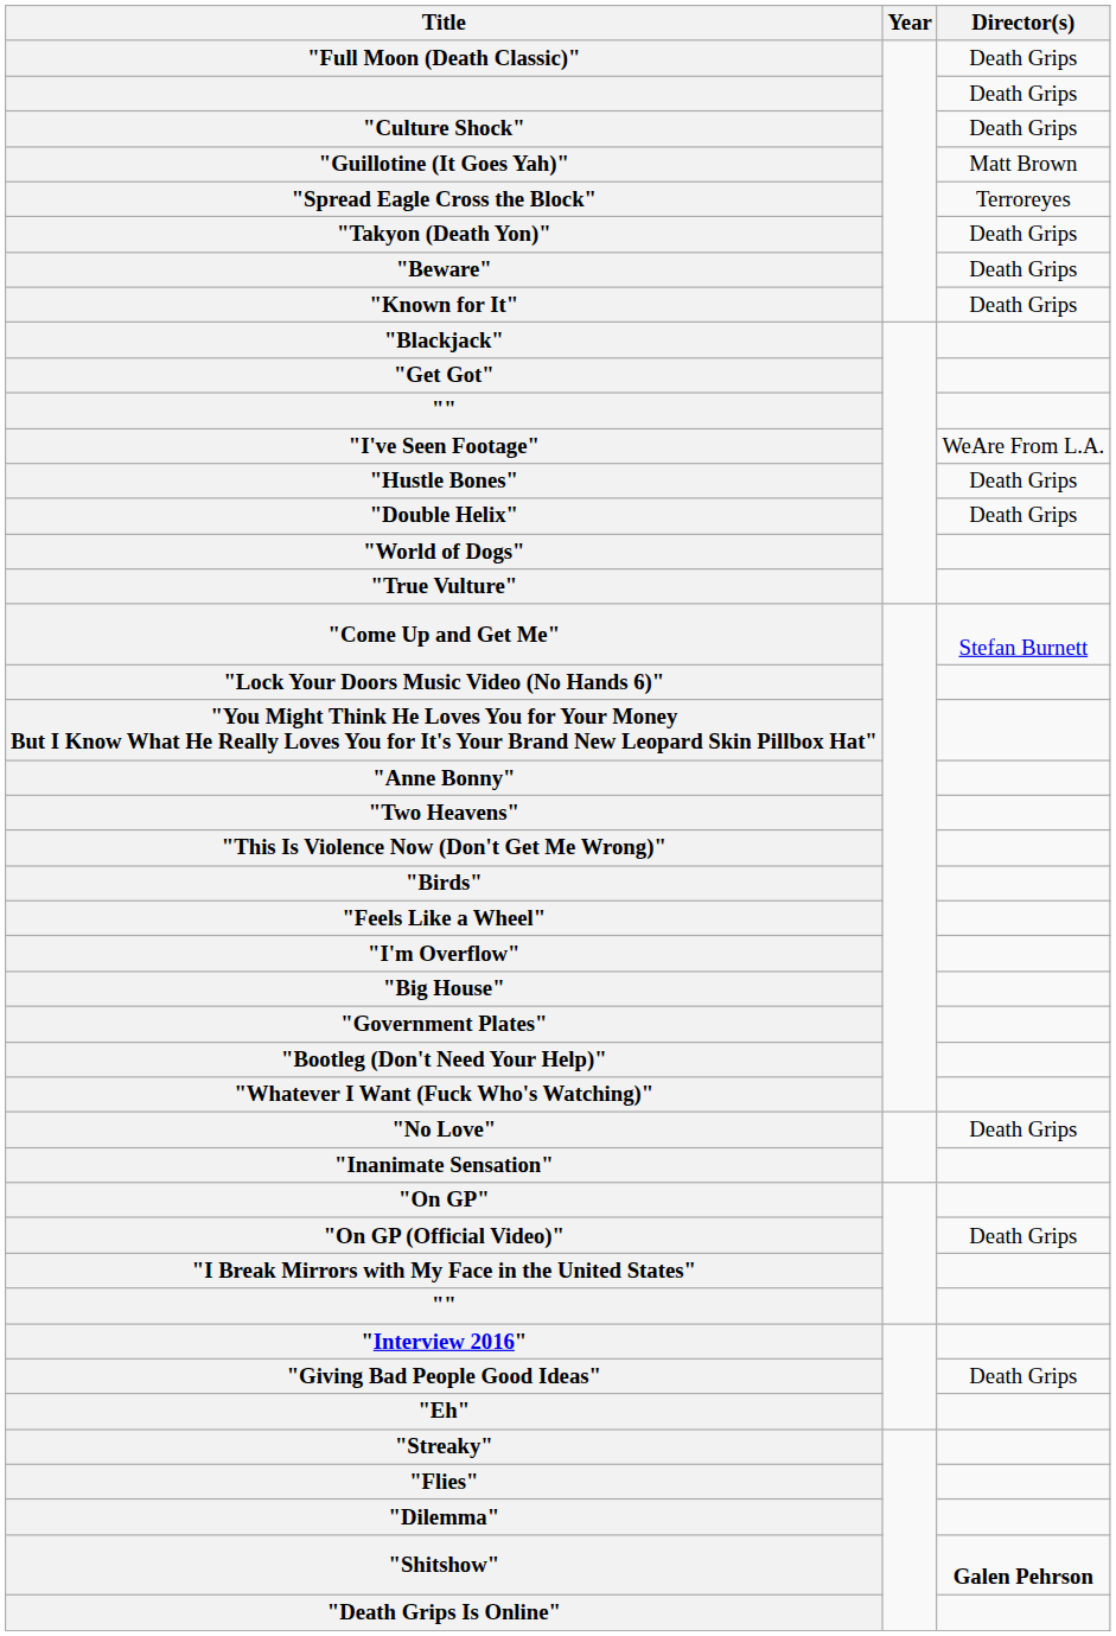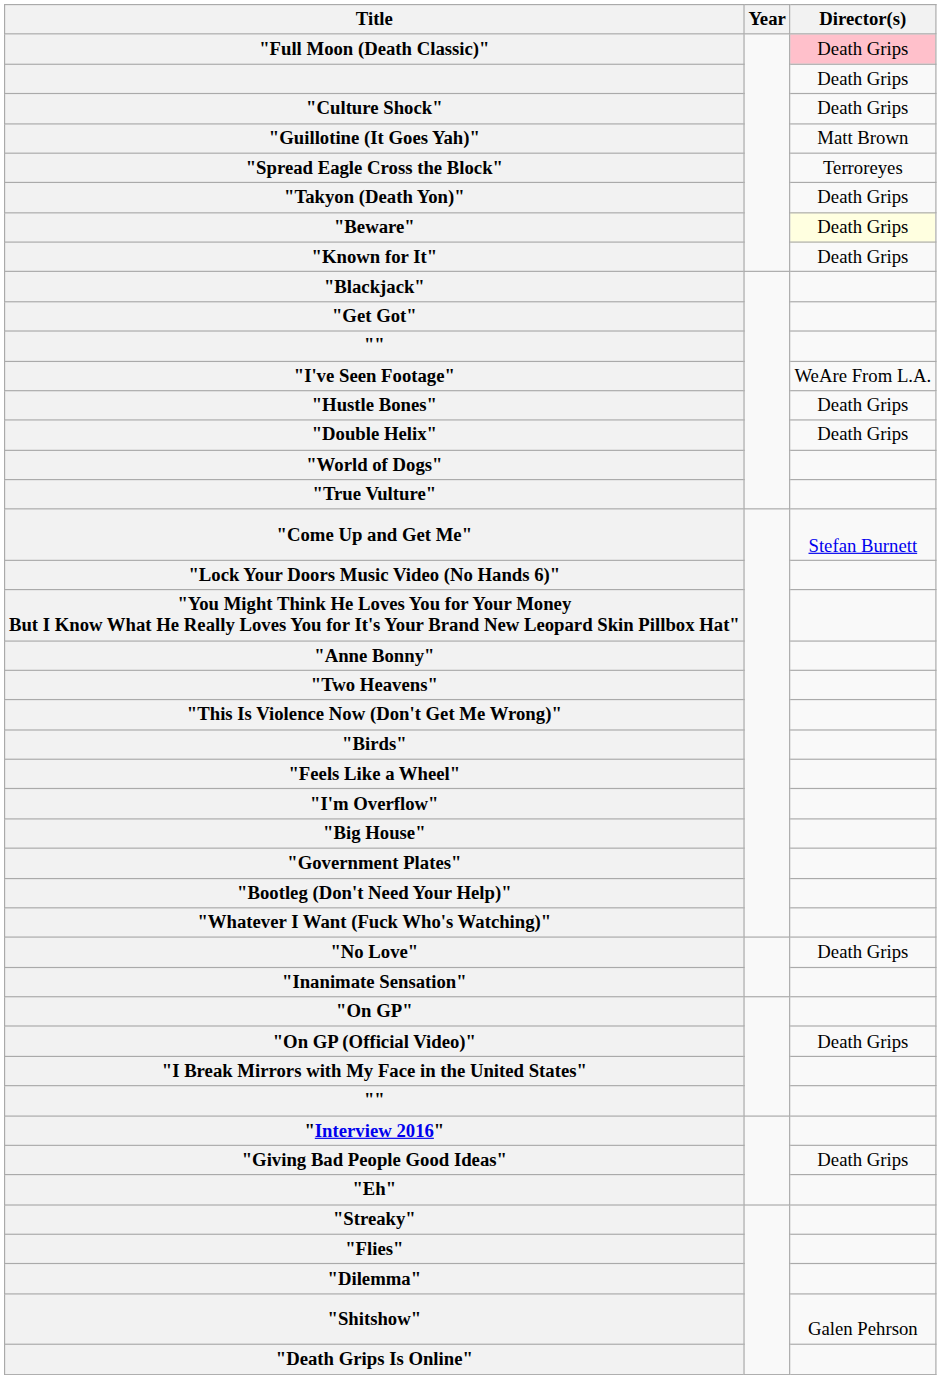 <table class="wikitable plainrowheaders" style="text-align:center;">
 <tr>
 <th scope="col">Title</th>
 <th scope="col">Year</th>
 <th scope="col">Director(s)</th>
 </tr>
 <tr>
 <th scope="row">"Full Moon (Death Classic)"</th>
 <td rowspan="8"></td>
-<td>Death Grips</td>
+<td style="background: pink;">Death Grips</td>
 </tr>
 <tr>
 <th scope="row"></th>
 <td>Death Grips</td>
 </tr>
 <tr>
 <th scope="row">"Culture Shock"</th>
 <td>Death Grips</td>
 </tr>
 <tr>
 <th scope="row">"Guillotine (It Goes Yah)"</th>
 <td>Matt Brown</td>
 </tr>
 <tr>
 <th scope="row">"Spread Eagle Cross the Block"</th>
 <td>Terroreyes</td>
 </tr>
 <tr>
 <th scope="row">"Takyon (Death Yon)"</th>
 <td>Death Grips</td>
 </tr>
 <tr>
 <th scope="row">"Beware"</th>
-<td>Death Grips</td>
+<td style="background: lightyellow;">Death Grips</td>
 </tr>
 <tr>
 <th scope="row">"Known for It"</th>
 <td>Death Grips</td>
 </tr>
 <tr>
 <th scope="row">"Blackjack"</th>
 <td rowspan="8"></td>
 <td></td>
 </tr>
 <tr>
 <th scope="row">"Get Got"</th>
 <td></td>
 </tr>
 <tr>
 <th scope="row">""</th>
 <td></td>
 </tr>
 <tr>
 <th scope="row">"I've Seen Footage"</th>
 <td>WeAre From L.A.</td>
 </tr>
 <tr>
 <th scope="row">"Hustle Bones"</th>
 <td>Death Grips</td>
 </tr>
 <tr>
 <th scope="row">"Double Helix"</th>
 <td>Death Grips</td>
 </tr>
 <tr>
 <th scope="row">"World of Dogs"</th>
 <td></td>
 </tr>
 <tr>
 <th scope="row">"True Vulture"</th>
 <td></td>
 </tr>
 <tr>
 <th scope="row">"Come Up and Get Me"</th>
 <td rowspan="13"></td>
 <td><br><a href='#'>Stefan Burnett</a></td>
 </tr>
 <tr>
 <th scope="row">"Lock Your Doors Music Video (No Hands 6)"</th>
 <td></td>
 </tr>
 <tr>
 <th scope="row">"You Might Think He Loves You for Your Money <br>But I Know What He Really Loves You for It's Your Brand New Leopard Skin Pillbox Hat"</th>
 <td></td>
 </tr>
 <tr>
 <th scope="row">"Anne Bonny"</th>
 <td></td>
 </tr>
 <tr>
 <th scope="row">"Two Heavens"</th>
 <td></td>
 </tr>
 <tr>
 <th scope="row">"This Is Violence Now (Don't Get Me Wrong)"</th>
 <td></td>
 </tr>
 <tr>
 <th scope="row">"Birds"</th>
 <td></td>
 </tr>
 <tr>
 <th scope="row">"Feels Like a Wheel"</th>
 <td></td>
 </tr>
 <tr>
 <th scope="row">"I'm Overflow"</th>
 <td></td>
 </tr>
 <tr>
 <th scope="row">"Big House"</th>
 <td></td>
 </tr>
 <tr>
 <th scope="row">"Government Plates"</th>
 <td></td>
 </tr>
 <tr>
 <th scope="row">"Bootleg (Don't Need Your Help)"</th>
 <td></td>
 </tr>
 <tr>
 <th scope="row">"Whatever I Want (Fuck Who's Watching)"</th>
 <td></td>
 </tr>
 <tr>
 <th scope="row">"No Love"</th>
 <td rowspan="2"></td>
 <td>Death Grips</td>
 </tr>
 <tr>
 <th scope="row">"Inanimate Sensation"</th>
 <td></td>
 </tr>
 <tr>
 <th scope="row">"On GP" </th>
 <td rowspan="4"></td>
 </tr>
 <tr>
 <th scope="row">"On GP (Official Video)"</th>
 <td>Death Grips</td>
 </tr>
 <tr>
 <th scope="row">"I Break Mirrors with My Face in the United States"</th>
 <td></td>
 </tr>
 <tr>
 <th scope="row">""</th>
 <td></td>
 </tr>
 <tr>
 <th scope="row">"<a href='#'>Interview 2016</a>"</th>
 <td rowspan="3"></td>
 <td></td>
 </tr>
 <tr>
 <th scope="row">"Giving Bad People Good Ideas"</th>
 <td>Death Grips</td>
 </tr>
 <tr>
 <th scope="row">"Eh"</th>
 <td></td>
 </tr>
 <tr>
 <th scope="row">"Streaky"</th>
 <td rowspan="5"></td>
 <td></td>
 </tr>
 <tr>
 <th scope="row">"Flies"</th>
 <td></td>
 </tr>
 <tr>
 <th scope="row">"Dilemma"</th>
 <td></td>
 </tr>
 <tr>
 <th scope="row">"Shitshow"</th>
-<td><strong><br>Galen Pehrson</strong></td>
+<td><br>Galen Pehrson</td>
 </tr>
 <tr>
 <th scope="row">"Death Grips Is Online"</th>
 <td></td>
 </tr>
 </table>
